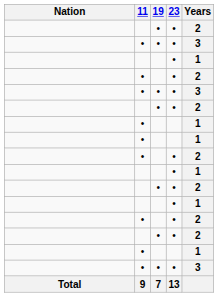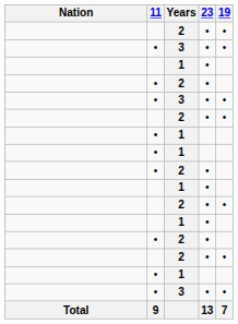 <table class="wikitable" style="text-align:center;">
 <tr>
 <th width=200>Nation</th>
 <th><a href='#'>11</a></th>
+<th>Years</th>
+<th><a href='#'>23</a></th>
 <th><a href='#'>19</a></th>
-<th><a href='#'>23</a></th>
-<th>Years</th>
 </tr>
 <tr>
 <td align=left></td>
 <td></td>
+<th>2</th>
 <td>•</td>
 <td>•</td>
-<th>2</th>
 </tr>
 <tr>
 <td align=left></td>
 <td>•</td>
+<th>3</th>
 <td>•</td>
 <td>•</td>
-<th>3</th>
 </tr>
 <tr>
 <td align=left></td>
 <td></td>
+<th>1</th>
+<td>•</td>
 <td></td>
-<td>•</td>
-<th>1</th>
 </tr>
 <tr>
 <td align=left></td>
 <td>•</td>
+<th>2</th>
+<td>•</td>
 <td></td>
-<td>•</td>
-<th>2</th>
 </tr>
 <tr>
 <td align=left></td>
 <td>•</td>
+<th>3</th>
 <td>•</td>
 <td>•</td>
-<th>3</th>
 </tr>
 <tr>
 <td align=left></td>
 <td></td>
+<th>2</th>
 <td>•</td>
 <td>•</td>
-<th>2</th>
 </tr>
 <tr>
 <td align=left></td>
 <td>•</td>
+<th>1</th>
 <td></td>
 <td></td>
-<th>1</th>
 </tr>
 <tr>
 <td align=left></td>
 <td>•</td>
+<th>1</th>
 <td></td>
 <td></td>
-<th>1</th>
 </tr>
 <tr>
 <td align=left></td>
 <td>•</td>
+<th>2</th>
+<td>•</td>
 <td></td>
-<td>•</td>
-<th>2</th>
 </tr>
 <tr>
 <td align=left></td>
 <td></td>
+<th>1</th>
+<td>•</td>
 <td></td>
-<td>•</td>
-<th>1</th>
 </tr>
 <tr>
 <td align=left></td>
 <td></td>
+<th>2</th>
 <td>•</td>
 <td>•</td>
-<th>2</th>
 </tr>
 <tr>
 <td align=left></td>
 <td></td>
+<th>1</th>
+<td>•</td>
 <td></td>
-<td>•</td>
-<th>1</th>
 </tr>
 <tr>
 <td align=left></td>
 <td>•</td>
+<th>2</th>
+<td>•</td>
 <td></td>
-<td>•</td>
-<th>2</th>
 </tr>
 <tr>
 <td align=left></td>
 <td></td>
+<th>2</th>
 <td>•</td>
 <td>•</td>
-<th>2</th>
 </tr>
 <tr>
 <td align=left></td>
 <td>•</td>
+<th>1</th>
 <td></td>
 <td></td>
-<th>1</th>
 </tr>
 <tr>
 <td align=left></td>
 <td>•</td>
+<th>3</th>
 <td>•</td>
 <td>•</td>
-<th>3</th>
 </tr>
 <tr>
 <th>Total</th>
 <th>9</th>
+<th></th>
+<th>13</th>
 <th>7</th>
-<th>13</th>
-<th></th>
 </tr>
 </table>
